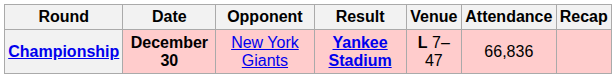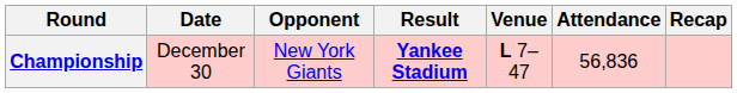 <table class="wikitable" style="text-align:center">
 <tr>
 <th>Round</th>
 <th>Date</th>
 <th>Opponent</th>
 <th>Result</th>
 <th>Venue</th>
 <th>Attendance</th>
 <th>Recap</th>
 </tr>
 <tr style="background:#fcc">
 <th><a href='#'>Championship</a></th>
-<td><strong>December 30</strong></td>
+<td>December 30</td>
 <td><a href='#'>New York Giants</a></td>
 <td><strong><a href='#'>Yankee Stadium</a></strong></td>
 <td><strong>L</strong> 7–47</td>
-<td>66,836</td>
+<td>56,836</td>
 <td></td>
 </tr>
 </table>
